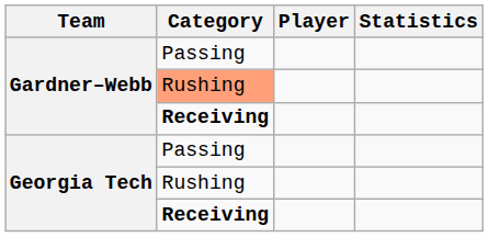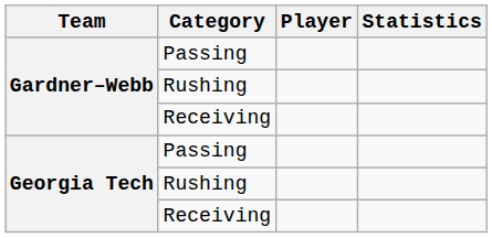 <table class="wikitable" style="float:right">
 <tr>
 <th>Team</th>
 <th>Category</th>
 <th>Player</th>
 <th>Statistics</th>
 </tr>
 <tr>
 <th rowspan=3>Gardner–Webb</th>
 <td>Passing</td>
 <td></td>
 <td></td>
 </tr>
 <tr>
-<td style="background: lightsalmon;">Rushing</td>
+<td>Rushing</td>
 <td></td>
 <td></td>
 </tr>
 <tr>
-<td><strong>Receiving</strong></td>
+<td>Receiving</td>
 <td></td>
 <td></td>
 </tr>
 <tr>
 <th rowspan=3>Georgia Tech</th>
 <td>Passing</td>
 <td></td>
 <td></td>
 </tr>
 <tr>
 <td>Rushing</td>
 <td></td>
 <td></td>
 </tr>
 <tr>
-<td><strong>Receiving</strong></td>
+<td>Receiving</td>
 <td></td>
 <td></td>
 </tr>
 </table>
